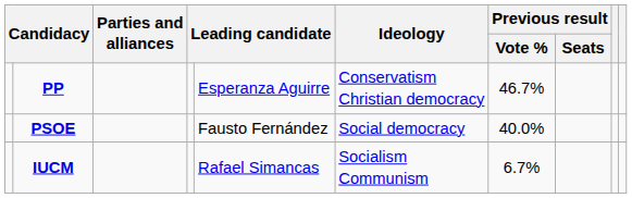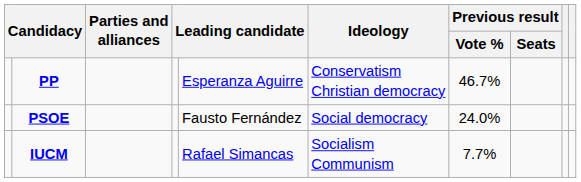 <table class="wikitable" style="line-height:1.35em; text-align:left;">
 <tr>
 <th colspan="2" rowspan="2">Candidacy</th>
 <th rowspan="2">Parties and<br>alliances</th>
 <th colspan="2" rowspan="2">Leading candidate</th>
 <th rowspan="2">Ideology</th>
 <th colspan="2">Previous result</th>
 <th rowspan="2"></th>
 <th rowspan="2"></th>
 </tr>
 <tr>
 <th>Vote %</th>
 <th>Seats</th>
 </tr>
 <tr>
 <td width="1" style="color:inherit;background:"></td>
 <td align="center"><strong><a href='#'>PP</a></strong></td>
 <td></td>
 <td></td>
 <td><a href='#'>Esperanza Aguirre</a></td>
 <td><a href='#'>Conservatism</a><br><a href='#'>Christian democracy</a></td>
 <td align="center">46.7%</td>
 <td></td>
 <td></td>
 <td></td>
 </tr>
 <tr>
 <td style="color:inherit;background:"></td>
 <td align="center"><strong><a href='#'>PSOE</a></strong></td>
 <td></td>
 <td></td>
 <td>Fausto Fernández</td>
 <td><a href='#'>Social democracy</a></td>
-<td align="center">40.0%</td>
+<td align="center">24.0%</td>
 <td></td>
 <td></td>
 <td></td>
 </tr>
 <tr>
 <td style="color:inherit;background:"></td>
 <td align="center"><strong><a href='#'>IUCM</a></strong></td>
 <td></td>
 <td></td>
 <td><a href='#'>Rafael Simancas</a></td>
 <td><a href='#'>Socialism</a><br><a href='#'>Communism</a></td>
-<td align="center">6.7%</td>
+<td align="center">7.7%</td>
 <td></td>
 <td></td>
 <td></td>
 </tr>
 </table>
